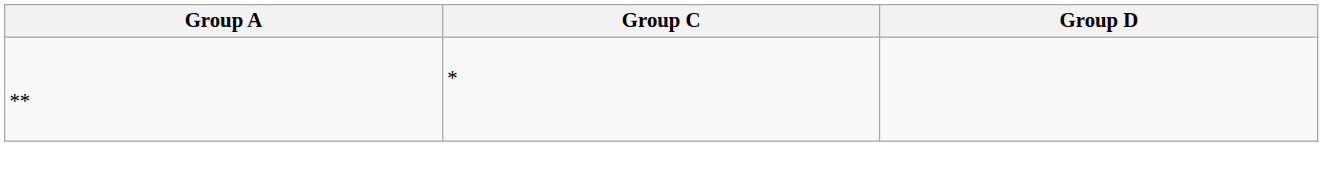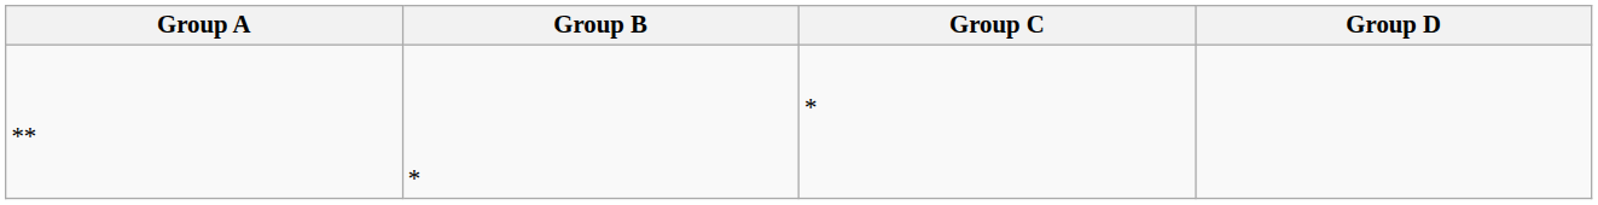 <table class="wikitable" width=80%>
 <tr>
 <th width=25%>Group A</th>
+<th width=25%>Group B</th>
 <th width=25%>Group C</th>
 <th width=25%>Group D</th>
 </tr>
 <tr>
 <td><br><br> <s></s> **<br> <br> </td>
+<td><br><br> <br>  <br> <s></s> *</td>
 <td><br><s></s> *<br> <br> <br>  </td>
 <td><br><br> <br> <br> </td>
 </tr>
 </table>
